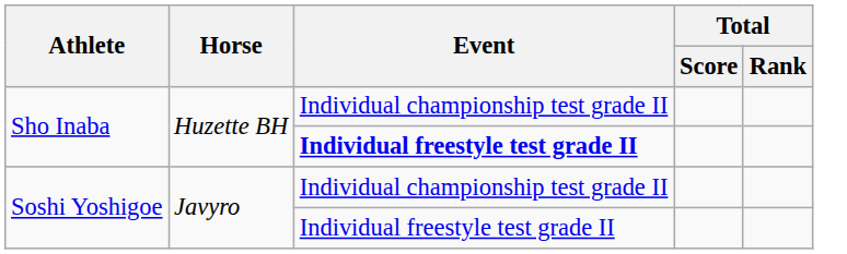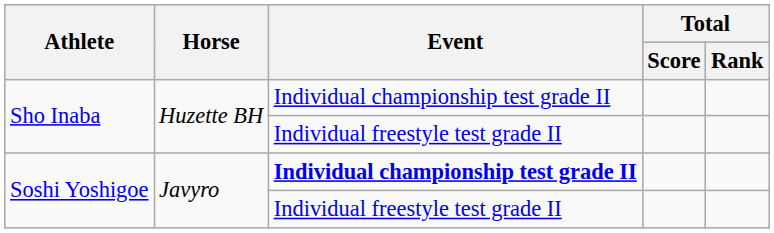 <table class=wikitable style="font-size:90%">
 <tr>
 <th rowspan="2">Athlete</th>
 <th rowspan="2">Horse</th>
 <th rowspan="2">Event</th>
 <th colspan="2">Total</th>
 </tr>
 <tr>
 <th>Score</th>
 <th>Rank</th>
 </tr>
 <tr>
 <td rowspan="2"><a href='#'>Sho Inaba</a></td>
 <td rowspan="2"><em>Huzette BH</em></td>
 <td><a href='#'>Individual championship test grade II</a></td>
 <td align=center></td>
 <td align=center></td>
 </tr>
 <tr>
-<td><strong><a href='#'>Individual freestyle test grade II</a></strong></td>
+<td><a href='#'>Individual freestyle test grade II</a></td>
 <td align=center></td>
 <td align=center></td>
 </tr>
 <tr>
 <td rowspan="2"><a href='#'>Soshi Yoshigoe</a></td>
 <td rowspan="2"><em>Javyro</em></td>
-<td><a href='#'>Individual championship test grade II</a></td>
+<td><strong><a href='#'>Individual championship test grade II</a></strong></td>
 <td align=center></td>
 <td align=center></td>
 </tr>
 <tr>
 <td><a href='#'>Individual freestyle test grade II</a></td>
 <td align=center></td>
 <td align=center></td>
 </tr>
 </table>
